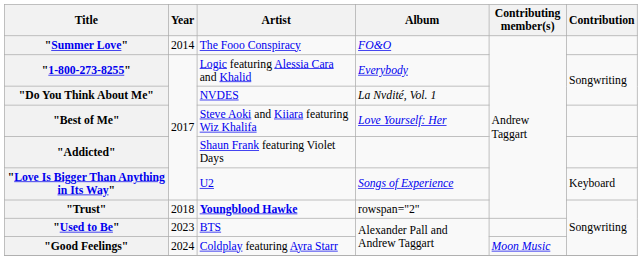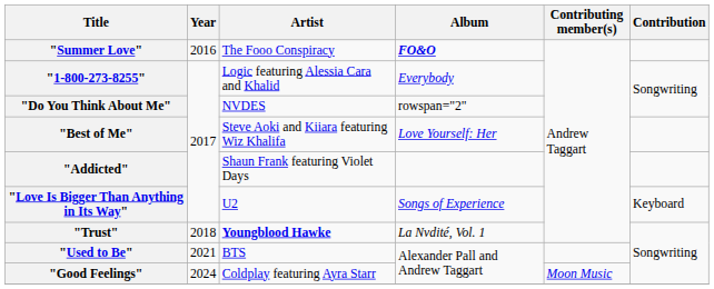 <table class="wikitable plainrowheaders">
 <tr>
 <th scope="col">Title</th>
 <th scope="col">Year</th>
 <th scope="col">Artist</th>
 <th scope="col">Album</th>
 <th scope="col">Contributing<br>member(s)</th>
 <th scope="col">Contribution</th>
 </tr>
 <tr>
 <th scope="row">"<a href='#'>Summer Love</a>"</th>
-<td>2014</td>
+<td>2016</td>
 <td><a href='#'>The Fooo Conspiracy</a></td>
-<td><em><a href='#'>FO&O</a></em></td>
+<td><strong><em><a href='#'>FO&O</a></em></strong></td>
 <td rowspan="7">Andrew Taggart</td>
 <td></td>
 </tr>
 <tr>
 <th scope="row">"<a href='#'>1-800-273-8255</a>"</th>
 <td rowspan="5">2017</td>
 <td><a href='#'>Logic</a> featuring <a href='#'>Alessia Cara</a> and <a href='#'>Khalid</a></td>
 <td><em><a href='#'>Everybody</a></em></td>
 <td rowspan="2">Songwriting</td>
 </tr>
 <tr>
 <th scope="row">"Do You Think About Me"</th>
 <td><a href='#'>NVDES</a></td>
-<td><em>La Nvdité, Vol. 1</em></td>
+<td>rowspan="2" </td>
 </tr>
 <tr>
 <th scope="row">"Best of Me"</th>
 <td><a href='#'>Steve Aoki</a> and <a href='#'>Kiiara</a> featuring <a href='#'>Wiz Khalifa</a></td>
 <td><em><a href='#'>Love Yourself: Her</a></em></td>
 <td></td>
 </tr>
 <tr>
 <th scope="row">"Addicted"</th>
 <td><a href='#'>Shaun Frank</a> featuring Violet Days</td>
 <td></td>
 <td></td>
 </tr>
 <tr>
 <th scope="row">"<a href='#'>Love Is Bigger Than Anything in Its Way</a>"</th>
 <td><a href='#'>U2</a></td>
 <td><em><a href='#'>Songs of Experience</a></em></td>
 <td>Keyboard</td>
 </tr>
 <tr>
 <th scope="row">"Trust"</th>
 <td>2018</td>
 <td><strong><a href='#'>Youngblood Hawke</a></strong></td>
-<td>rowspan="2" </td>
+<td><em>La Nvdité, Vol. 1</em></td>
 <td rowspan="3">Songwriting</td>
 </tr>
 <tr>
 <th scope="row">"<a href='#'>Used to Be</a>"</th>
-<td>2023</td>
+<td>2021</td>
 <td><a href='#'>BTS</a></td>
 <td rowspan="2">Alexander Pall and Andrew Taggart</td>
 </tr>
 <tr>
 <th scope="row">"Good Feelings"</th>
 <td>2024</td>
 <td><a href='#'>Coldplay</a> featuring <a href='#'>Ayra Starr</a></td>
 <td><em><a href='#'>Moon Music</a></em></td>
 </tr>
 <tr>
 </tr>
 </table>
